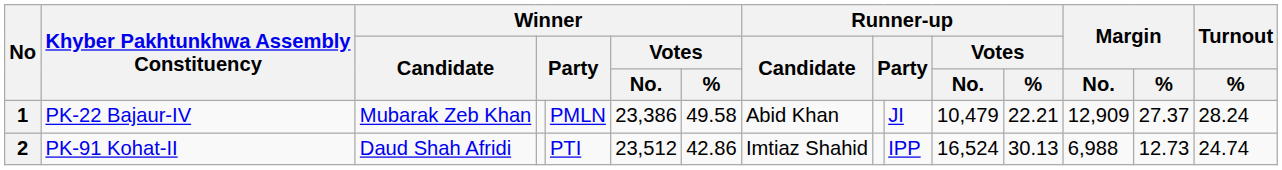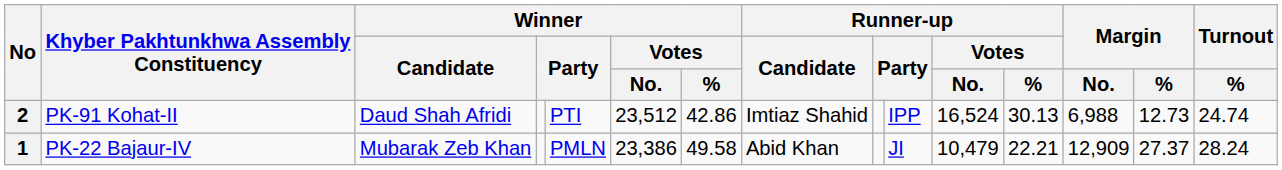 <table class="wikitable sortable">
 <tr>
 <th rowspan="3">No</th>
 <th rowspan="3"><a href='#'>Khyber Pakhtunkhwa Assembly</a><br>Constituency</th>
 <th colspan="5">Winner</th>
 <th colspan="5">Runner-up</th>
 <th colspan="2" rowspan="2">Margin</th>
 <th rowspan="2">Turnout</th>
 </tr>
 <tr>
 <th rowspan="2">Candidate</th>
 <th colspan="2" rowspan="2">Party</th>
 <th colspan="2">Votes</th>
 <th rowspan="2">Candidate</th>
 <th colspan="2" rowspan="2">Party</th>
 <th colspan="2">Votes</th>
 </tr>
 <tr>
 <th>No.</th>
 <th>%</th>
 <th>No.</th>
 <th>%</th>
 <th>No.</th>
 <th>%</th>
 <th>%</th>
 </tr>
 <tr>
+<th>2</th>
+<td><a href='#'>PK-91 Kohat-II</a></td>
+<td><a href='#'>Daud Shah Afridi</a></td>
+<td></td>
+<td><a href='#'>PTI</a></td>
+<td>23,512</td>
+<td>42.86</td>
+<td>Imtiaz Shahid</td>
+<td></td>
+<td><a href='#'>IPP</a></td>
+<td>16,524</td>
+<td>30.13</td>
+<td>6,988</td>
+<td>12.73</td>
+<td>24.74</td>
+</tr>
+<tr>
 <th>1</th>
 <td><a href='#'>PK-22 Bajaur-IV</a></td>
 <td><a href='#'>Mubarak Zeb Khan</a></td>
 <td></td>
 <td><a href='#'>PMLN</a></td>
 <td>23,386</td>
 <td>49.58</td>
 <td>Abid Khan</td>
 <td></td>
 <td><a href='#'>JI</a></td>
 <td>10,479</td>
 <td>22.21</td>
 <td>12,909</td>
 <td>27.37</td>
 <td>28.24</td>
 </tr>
-<tr>
-<th>2</th>
-<td><a href='#'>PK-91 Kohat-II</a></td>
-<td><a href='#'>Daud Shah Afridi</a></td>
-<td></td>
-<td><a href='#'>PTI</a></td>
-<td>23,512</td>
-<td>42.86</td>
-<td>Imtiaz Shahid</td>
-<td></td>
-<td><a href='#'>IPP</a></td>
-<td>16,524</td>
-<td>30.13</td>
-<td>6,988</td>
-<td>12.73</td>
-<td>24.74</td>
-</tr>
 </table>
